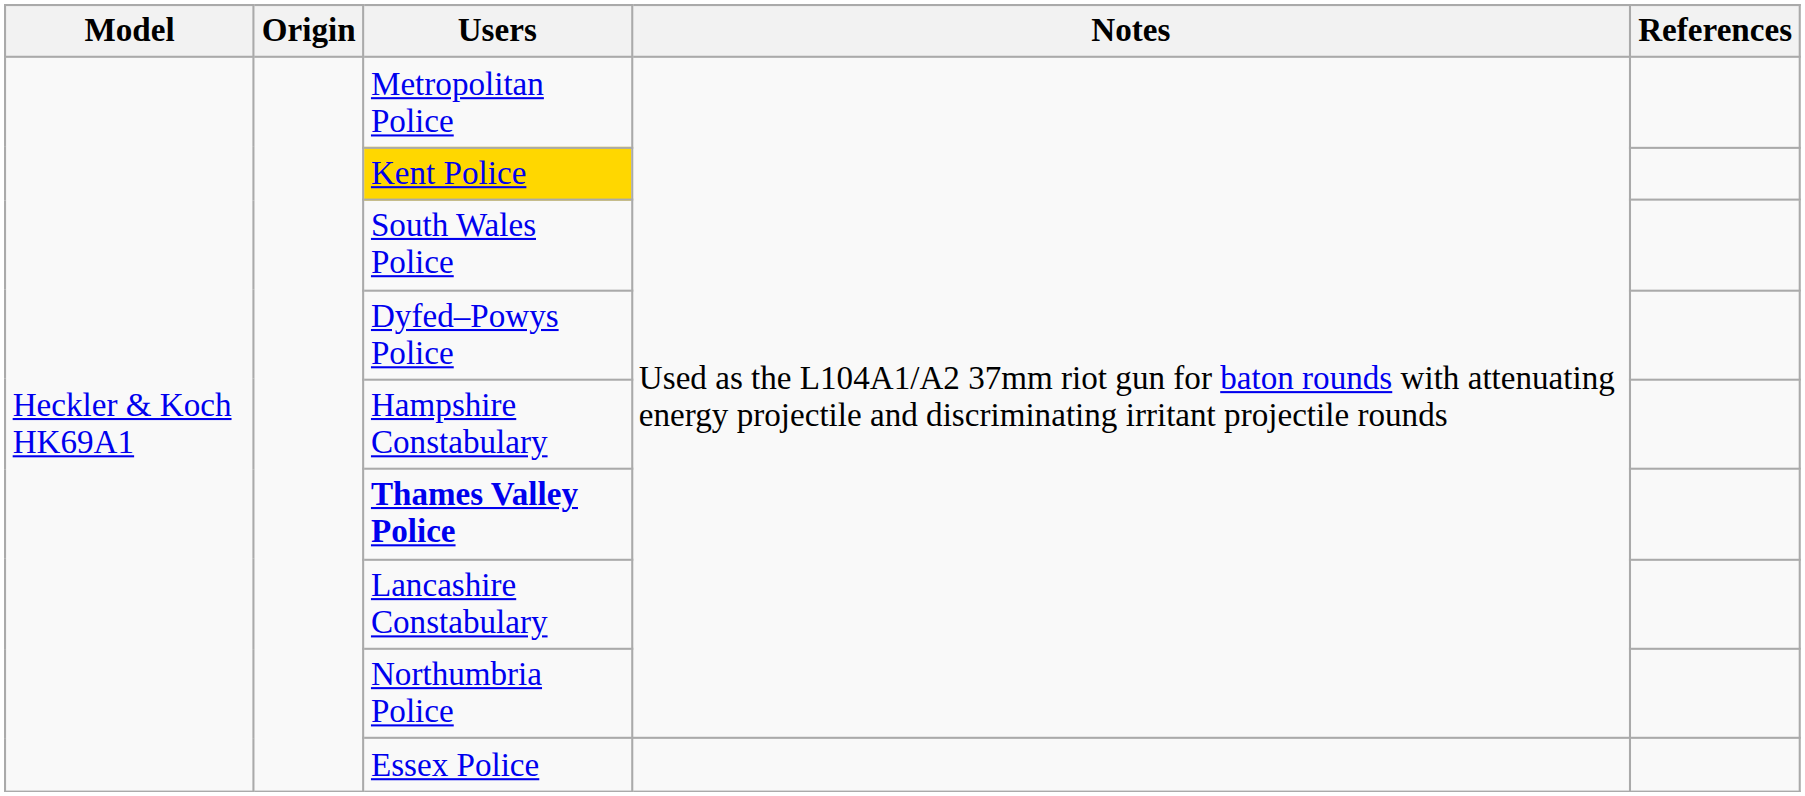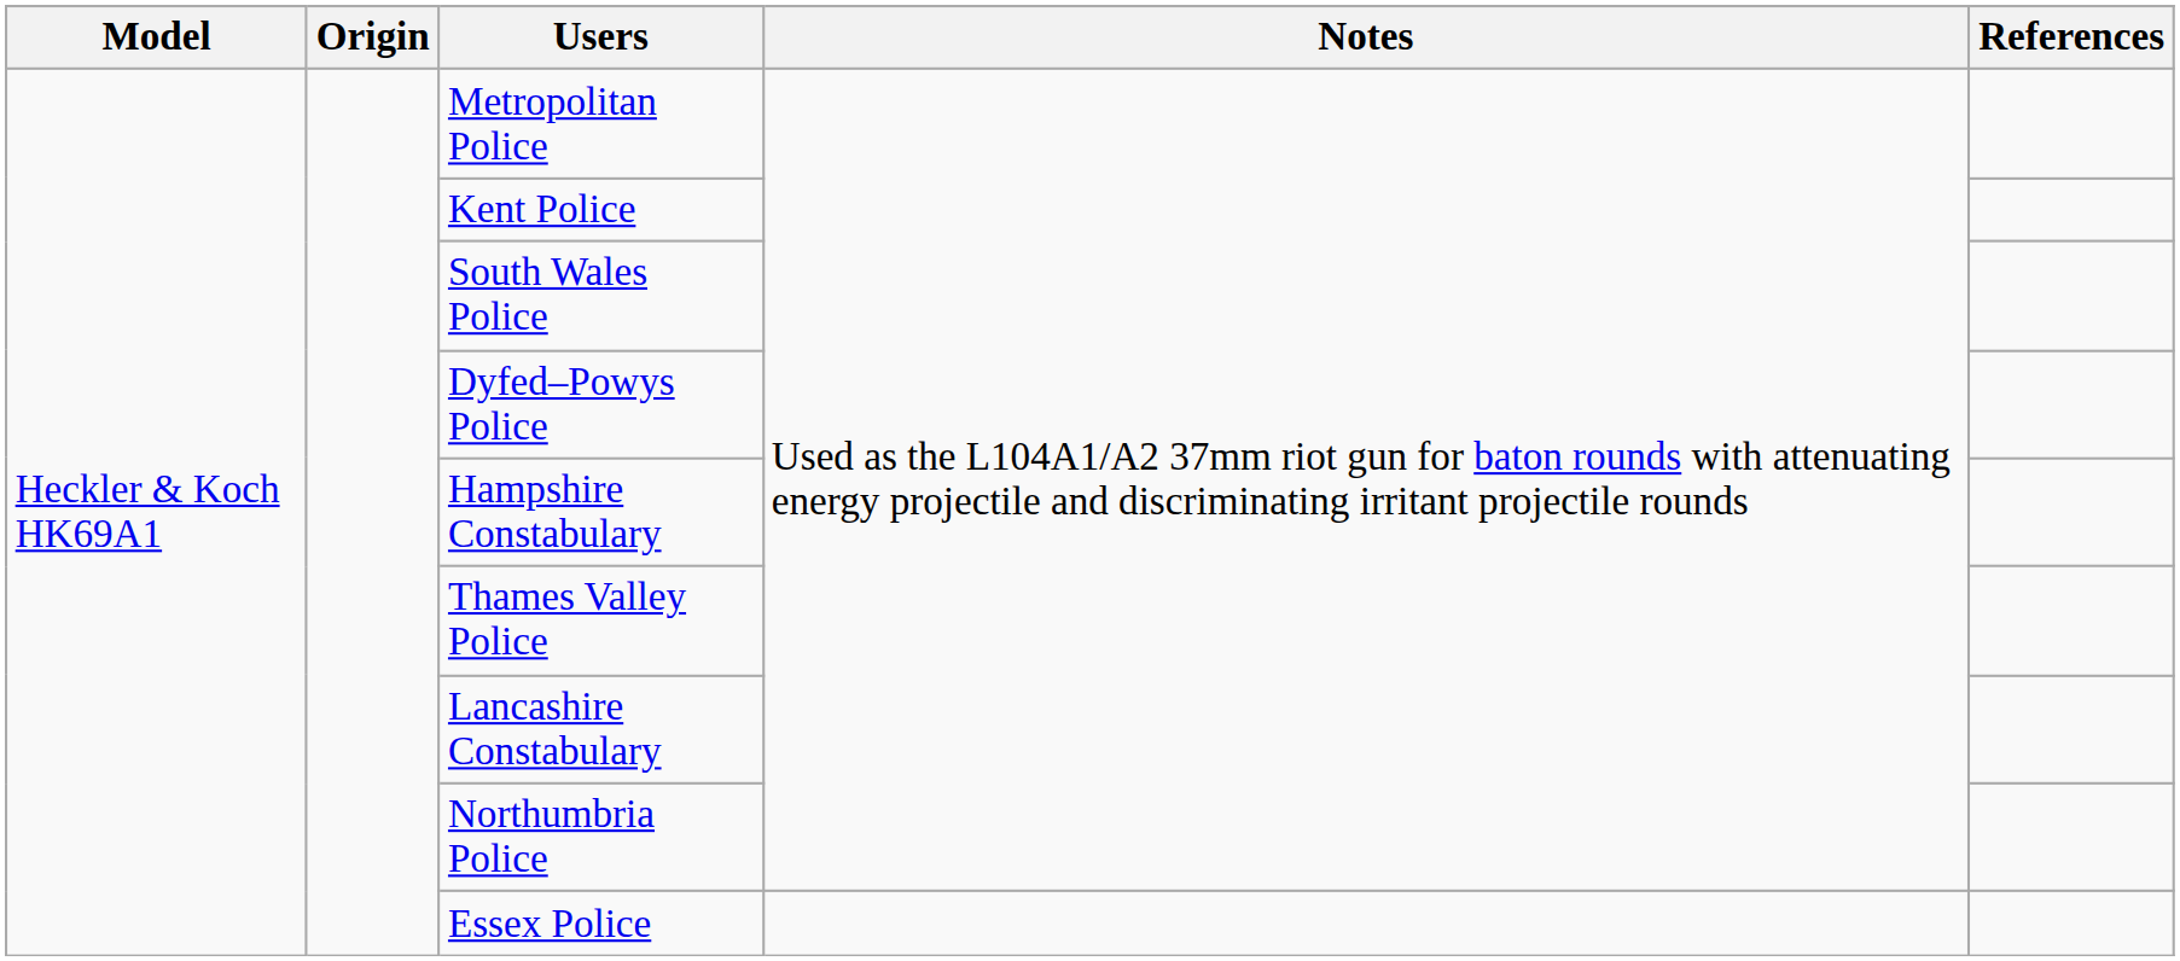 <table class="wikitable">
 <tr>
 <th>Model</th>
 <th>Origin</th>
 <th>Users</th>
 <th>Notes</th>
 <th>References</th>
 </tr>
 <tr>
 <td rowspan="9"><a href='#'>Heckler & Koch HK69A1</a></td>
 <td rowspan="9"></td>
 <td><a href='#'>Metropolitan Police</a></td>
 <td rowspan="8">Used as the L104A1/A2 37mm riot gun for <a href='#'>baton rounds</a> with attenuating energy projectile and discriminating irritant projectile rounds</td>
 <td></td>
 </tr>
 <tr>
-<td style="background: gold;"><a href='#'>Kent Police</a></td>
+<td><a href='#'>Kent Police</a></td>
 <td></td>
 </tr>
 <tr>
 <td><a href='#'>South Wales Police</a></td>
 <td></td>
 </tr>
 <tr>
 <td><a href='#'>Dyfed–Powys Police</a></td>
 <td></td>
 </tr>
 <tr>
 <td><a href='#'>Hampshire Constabulary</a></td>
 <td></td>
 </tr>
 <tr>
-<td><strong><a href='#'>Thames Valley Police</a></strong></td>
+<td><a href='#'>Thames Valley Police</a></td>
 <td></td>
 </tr>
 <tr>
 <td><a href='#'>Lancashire Constabulary</a></td>
 <td></td>
 </tr>
 <tr>
 <td><a href='#'>Northumbria Police</a></td>
 <td></td>
 </tr>
 <tr>
 <td><a href='#'>Essex Police</a></td>
 <td></td>
 <td></td>
 </tr>
 </table>
